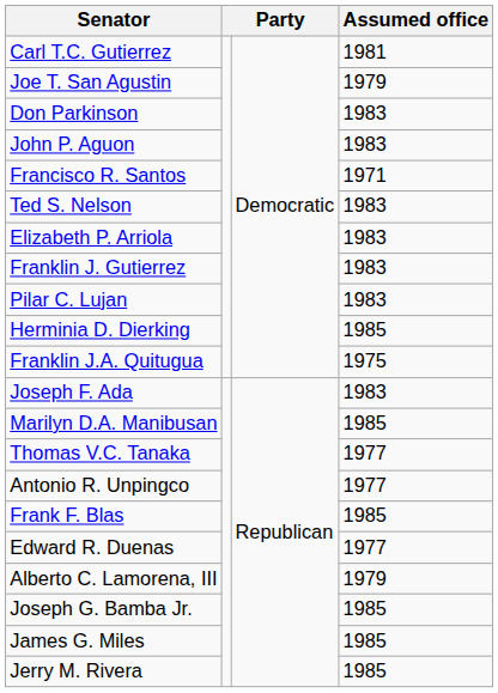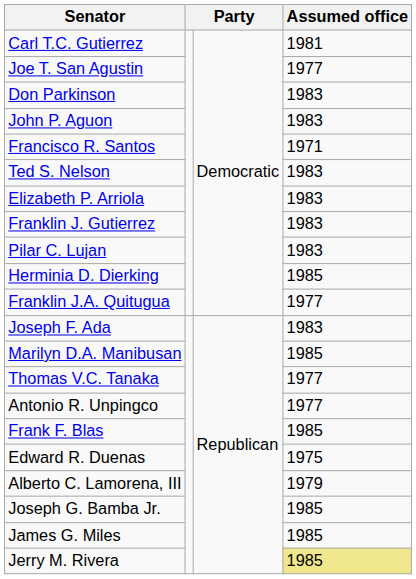 <table class="wikitable sortable" id="votingmembers">
 <tr style="vertical-align:bottom;">
 <th>Senator</th>
 <th colspan=2>Party</th>
 <th>Assumed office</th>
 </tr>
 <tr>
 <td><a href='#'>Carl T.C. Gutierrez</a></td>
 <td rowspan="11" style="background-color:"></td>
 <td rowspan="11">Democratic</td>
 <td>1981</td>
 </tr>
 <tr>
 <td><a href='#'>Joe T. San Agustin</a></td>
-<td>1979</td>
+<td>1977</td>
 </tr>
 <tr>
 <td><a href='#'>Don Parkinson</a></td>
 <td>1983</td>
 </tr>
 <tr>
 <td><a href='#'>John P. Aguon</a></td>
 <td>1983</td>
 </tr>
 <tr>
 <td><a href='#'>Francisco R. Santos</a></td>
 <td>1971</td>
 </tr>
 <tr>
 <td><a href='#'>Ted S. Nelson</a></td>
 <td>1983</td>
 </tr>
 <tr>
 <td><a href='#'>Elizabeth P. Arriola</a></td>
 <td>1983</td>
 </tr>
 <tr>
 <td><a href='#'>Franklin J. Gutierrez</a></td>
 <td>1983</td>
 </tr>
 <tr>
 <td><a href='#'>Pilar C. Lujan</a></td>
 <td>1983</td>
 </tr>
 <tr>
 <td><a href='#'>Herminia D. Dierking</a></td>
 <td>1985</td>
 </tr>
 <tr>
 <td><a href='#'>Franklin J.A. Quitugua</a></td>
-<td>1975</td>
+<td>1977</td>
 </tr>
 <tr>
 <td><a href='#'>Joseph F. Ada</a></td>
 <td rowspan="10" style="background-color:"></td>
 <td rowspan="10">Republican</td>
 <td>1983</td>
 </tr>
 <tr>
 <td><a href='#'>Marilyn D.A. Manibusan</a></td>
 <td>1985</td>
 </tr>
 <tr>
 <td><a href='#'>Thomas V.C. Tanaka</a></td>
 <td>1977</td>
 </tr>
 <tr>
 <td>Antonio R. Unpingco</td>
 <td>1977</td>
 </tr>
 <tr>
 <td><a href='#'>Frank F. Blas</a></td>
 <td>1985</td>
 </tr>
 <tr>
 <td>Edward R. Duenas</td>
-<td>1977</td>
+<td>1975</td>
 </tr>
 <tr>
 <td>Alberto C. Lamorena, III</td>
 <td>1979</td>
 </tr>
 <tr>
 <td>Joseph G. Bamba Jr.</td>
 <td>1985</td>
 </tr>
 <tr>
 <td>James G. Miles</td>
 <td>1985</td>
 </tr>
 <tr>
 <td>Jerry M. Rivera</td>
-<td>1985</td>
+<td style="background: khaki;">1985</td>
 </tr>
 </table>
